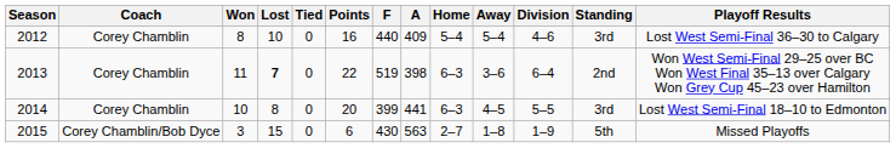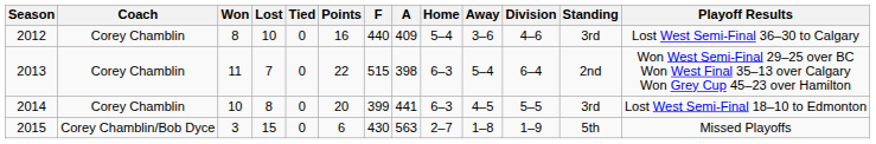 <table class="wikitable" style="text-align: center;">
 <tr>
 <th>Season</th>
 <th>Coach</th>
 <th>Won</th>
 <th>Lost</th>
 <th>Tied</th>
 <th>Points</th>
 <th>F</th>
 <th>A</th>
 <th>Home</th>
 <th>Away</th>
 <th>Division</th>
 <th>Standing</th>
 <th>Playoff Results</th>
 </tr>
 <tr>
 <td>2012</td>
 <td>Corey Chamblin</td>
 <td>8</td>
 <td>10</td>
 <td>0</td>
 <td>16</td>
 <td>440</td>
 <td>409</td>
 <td>5–4</td>
-<td>5–4</td>
+<td>3–6</td>
 <td>4–6</td>
 <td>3rd</td>
 <td>Lost <a href='#'>West Semi-Final</a> 36–30 to Calgary</td>
 </tr>
 <tr>
 <td>2013</td>
 <td>Corey Chamblin</td>
 <td>11</td>
-<td><strong>7</strong></td>
+<td>7</td>
 <td>0</td>
 <td>22</td>
-<td>519</td>
+<td>515</td>
 <td>398</td>
 <td>6–3</td>
-<td>3–6</td>
+<td>5–4</td>
 <td>6–4</td>
 <td>2nd</td>
 <td>Won <a href='#'>West Semi-Final</a> 29–25 over BC<br>Won <a href='#'>West Final</a> 35–13 over Calgary<br>Won <a href='#'>Grey Cup</a> 45–23 over Hamilton</td>
 </tr>
 <tr>
 <td>2014</td>
 <td>Corey Chamblin</td>
 <td>10</td>
 <td>8</td>
 <td>0</td>
 <td>20</td>
 <td>399</td>
 <td>441</td>
 <td>6–3</td>
 <td>4–5</td>
 <td>5–5</td>
 <td>3rd</td>
 <td>Lost <a href='#'>West Semi-Final</a> 18–10 to Edmonton</td>
 </tr>
 <tr>
 <td>2015</td>
 <td>Corey Chamblin/Bob Dyce</td>
 <td>3</td>
 <td>15</td>
 <td>0</td>
 <td>6</td>
 <td>430</td>
 <td>563</td>
 <td>2–7</td>
 <td>1–8</td>
 <td>1–9</td>
 <td>5th</td>
 <td>Missed Playoffs</td>
 </tr>
 </table>
